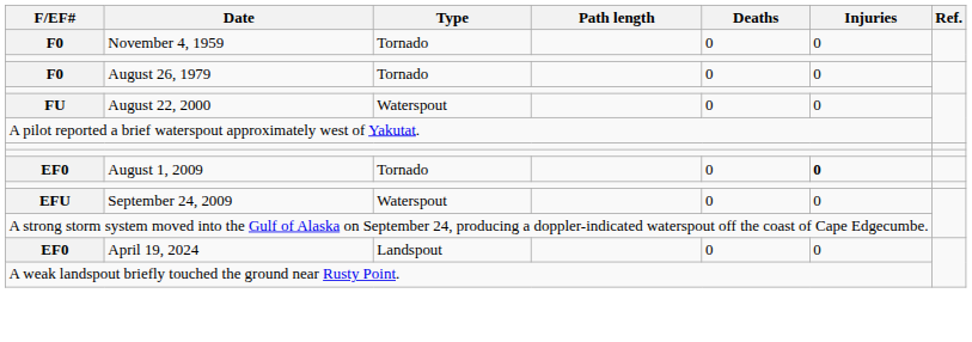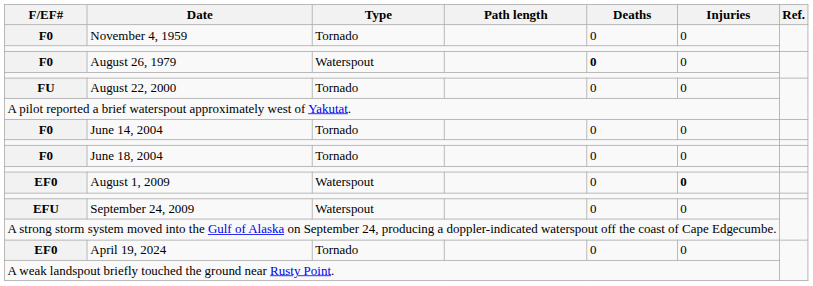 <table class="wikitable">
 <tr>
 <th>F/EF#</th>
 <th>Date</th>
 <th>Type</th>
 <th>Path length</th>
 <th>Deaths</th>
 <th>Injuries</th>
 <th>Ref.</th>
 </tr>
 <tr>
 <th scope="row" style="background-color:#">F0</th>
 <td>November 4, 1959</td>
 <td>Tornado</td>
 <td></td>
 <td>0</td>
 <td>0</td>
 <td rowspan="2"></td>
 </tr>
 <tr>
 <td colspan="6"></td>
 </tr>
 <tr>
 <th scope="row" style="background-color:#">F0</th>
 <td>August 26, 1979</td>
-<td>Tornado</td>
+<td>Waterspout</td>
 <td></td>
-<td>0</td>
+<td><strong>0</strong></td>
 <td>0</td>
 <td rowspan="2"></td>
 </tr>
 <tr>
 <td colspan="6"></td>
 </tr>
 <tr>
 <th scope="row" style="background-color:#">FU</th>
 <td>August 22, 2000</td>
-<td>Waterspout</td>
+<td>Tornado</td>
 <td></td>
 <td>0</td>
 <td>0</td>
 <td rowspan="2"></td>
 </tr>
 <tr>
 <td colspan="6">A pilot reported a brief waterspout approximately  west of <a href='#'>Yakutat</a>.</td>
 </tr>
 <tr>
+<th scope="row" style="background-color:#">F0</th>
+<td>June 14, 2004</td>
+<td>Tornado</td>
+<td></td>
+<td>0</td>
+<td>0</td>
+<td></td>
+</tr>
+<tr>
 <td colspan="6"></td>
+<td></td>
+</tr>
+<tr>
+<th scope="row" style="background-color:#">F0</th>
+<td>June 18, 2004</td>
+<td>Tornado</td>
+<td></td>
+<td>0</td>
+<td>0</td>
 <td></td>
 </tr>
 <tr>
 <td colspan="6"></td>
 <td></td>
 </tr>
 <tr>
 <th scope="row" style="background-color:#">EF0</th>
 <td>August 1, 2009</td>
-<td>Tornado</td>
+<td>Waterspout</td>
 <td></td>
 <td>0</td>
 <td><strong>0</strong></td>
 <td></td>
 </tr>
 <tr>
 <td colspan="6"></td>
 <td></td>
 </tr>
 <tr>
 <th scope="row" style="background-color:#">EFU</th>
 <td>September 24, 2009</td>
 <td>Waterspout</td>
 <td></td>
 <td>0</td>
 <td>0</td>
 <td rowspan="2"></td>
 </tr>
 <tr>
 <td colspan="6">A strong storm system moved into the <a href='#'>Gulf of Alaska</a> on September 24, producing a doppler-indicated waterspout off the coast of Cape Edgecumbe.</td>
 </tr>
 <tr>
 <th scope="row" style="background-color:#">EF0</th>
 <td>April 19, 2024</td>
-<td>Landspout</td>
+<td>Tornado</td>
 <td></td>
 <td>0</td>
 <td>0</td>
 <td rowspan="2"></td>
 </tr>
 <tr>
 <td colspan="6">A weak landspout briefly touched the ground near <a href='#'>Rusty Point</a>.</td>
 </tr>
 </table>
